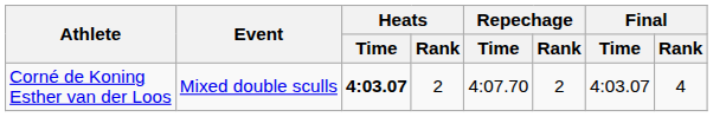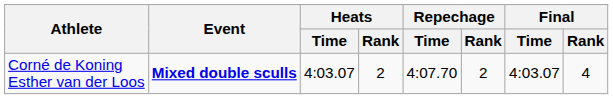 <table class=wikitable style="font-size:90%; text-align:center">
 <tr>
 <th rowspan=2>Athlete</th>
 <th rowspan=2>Event</th>
 <th colspan=2>Heats</th>
 <th colspan=2>Repechage</th>
 <th colspan=2>Final</th>
 </tr>
 <tr>
 <th>Time</th>
 <th>Rank</th>
 <th>Time</th>
 <th>Rank</th>
 <th>Time</th>
 <th>Rank</th>
 </tr>
 <tr>
 <td align=left><a href='#'>Corné de Koning</a> <br> <a href='#'>Esther van der Loos</a></td>
-<td align=left><a href='#'>Mixed double sculls</a></td>
-<td><strong>4:03.07</strong></td>
+<td align=left><strong><a href='#'>Mixed double sculls</a></strong></td>
+<td>4:03.07</td>
 <td>2</td>
 <td>4:07.70</td>
 <td>2</td>
 <td>4:03.07</td>
 <td>4</td>
 </tr>
 </table>
